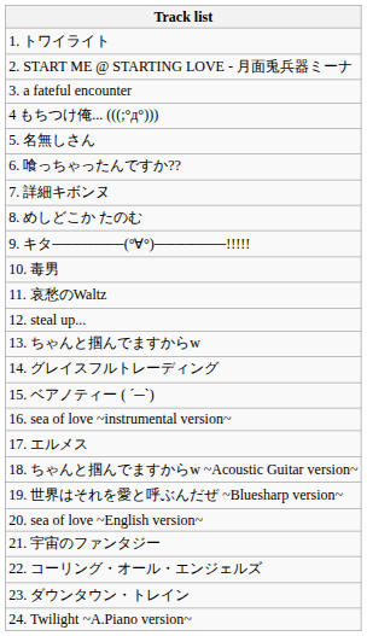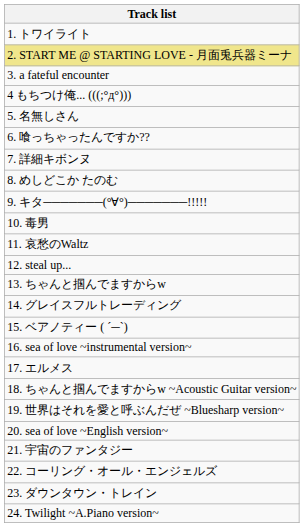 <table class="wikitable">
 <tr>
 <th>Track list</th>
 </tr>
 <tr>
 <td>1. トワイライト</td>
 </tr>
 <tr>
-<td>2. START ME @ STARTING LOVE - 月面兎兵器ミーナ</td>
+<td style="background: khaki;">2. START ME @ STARTING LOVE - 月面兎兵器ミーナ</td>
 </tr>
 <tr>
 <td>3. a fateful encounter</td>
 </tr>
 <tr>
 <td>4 もちつけ俺... (((;°д°)))</td>
 </tr>
 <tr>
 <td>5. 名無しさん</td>
 </tr>
 <tr>
 <td>6. 喰っちゃったんですか??</td>
 </tr>
 <tr>
 <td>7. 詳細キボンヌ</td>
 </tr>
 <tr>
 <td>8. めしどこか たのむ</td>
 </tr>
 <tr>
 <td>9. キタ───────(°∀°)───────!!!!!</td>
 </tr>
 <tr>
 <td>10. 毒男</td>
 </tr>
 <tr>
 <td>11. 哀愁のWaltz</td>
 </tr>
 <tr>
 <td>12. steal up...</td>
 </tr>
 <tr>
 <td>13. ちゃんと掴んでますからw</td>
 </tr>
 <tr>
 <td>14. グレイスフルトレーディング</td>
 </tr>
 <tr>
 <td>15. ベアノティー ( ´─`)</td>
 </tr>
 <tr>
 <td>16. sea of love ~instrumental version~</td>
 </tr>
 <tr>
 <td>17. エルメス</td>
 </tr>
 <tr>
 <td>18. ちゃんと掴んでますからw ~Acoustic Guitar version~</td>
 </tr>
 <tr>
 <td>19. 世界はそれを愛と呼ぶんだぜ ~Bluesharp version~</td>
 </tr>
 <tr>
 <td>20. sea of love ~English version~</td>
 </tr>
 <tr>
 <td>21. 宇宙のファンタジー</td>
 </tr>
 <tr>
 <td>22. コーリング・オール・エンジェルズ</td>
 </tr>
 <tr>
 <td>23. ダウンタウン・トレイン</td>
 </tr>
 <tr>
 <td>24. Twilight ~A.Piano version~</td>
 </tr>
 </table>
